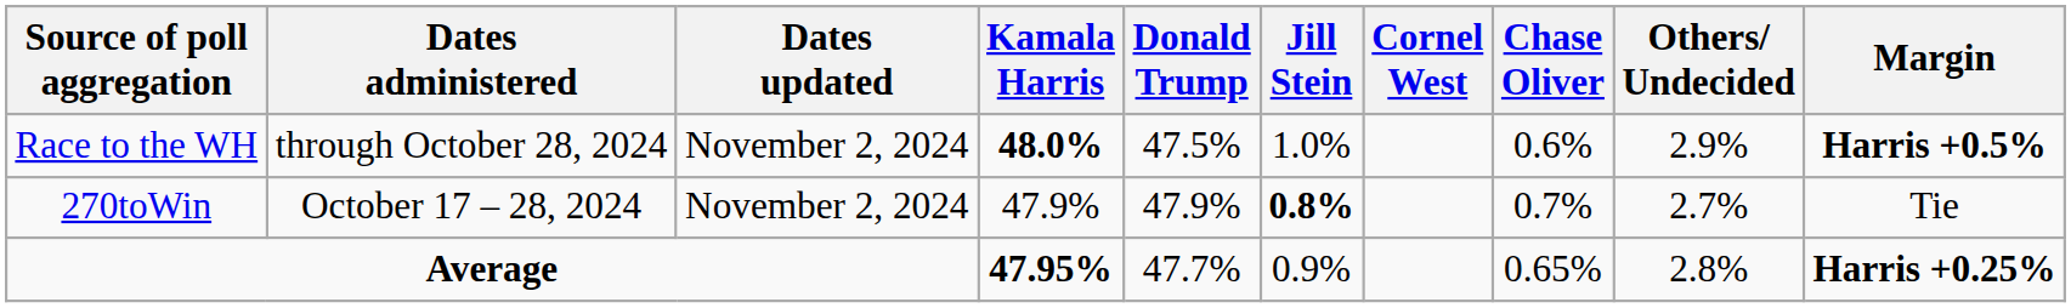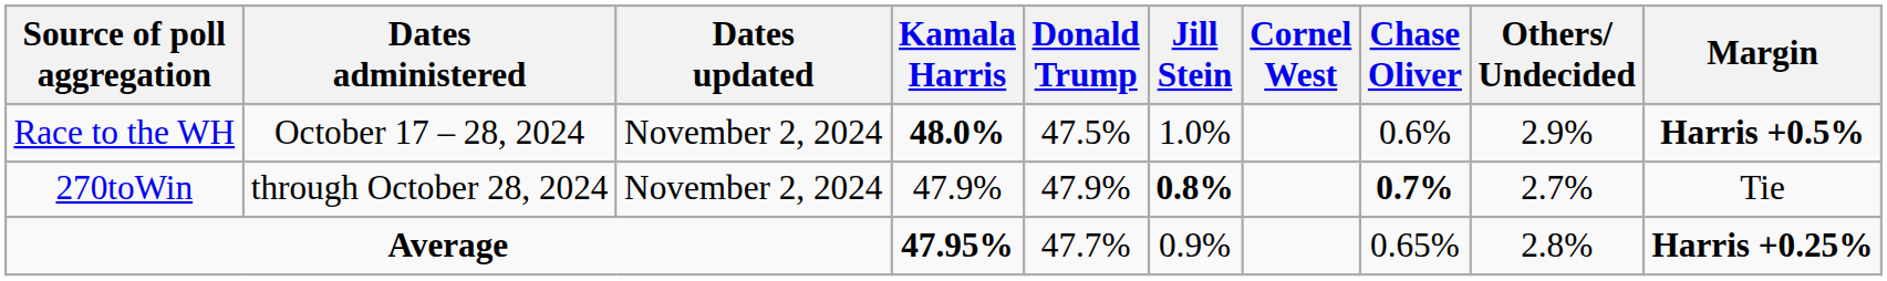 <table class="wikitable sortable mw-datatable" style="text-align:center;font-size:90%;line-height:17px">
 <tr>
 <th>Source of poll<br>aggregation</th>
 <th>Dates<br>administered</th>
 <th>Dates<br>updated</th>
 <th class="unsortable"><a href='#'>Kamala <br>Harris</a><br><small></small></th>
 <th class="unsortable"><a href='#'>Donald<br>Trump</a><br><small></small></th>
 <th class="unsortable"><a href='#'>Jill<br>Stein</a><br><small></small></th>
 <th class="unsortable"><a href='#'>Cornel<br>West</a><br><small></small></th>
 <th class="unsortable"><a href='#'>Chase<br>Oliver</a><br><small></small></th>
 <th class="unsortable">Others/<br>Undecided<br></th>
 <th>Margin</th>
 </tr>
 <tr>
 <td><a href='#'>Race to the WH</a></td>
-<td>through October 28, 2024</td>
+<td>October 17 – 28, 2024</td>
 <td>November 2, 2024</td>
 <td style="color:black;background-color:"><strong>48.0%</strong></td>
 <td>47.5%</td>
 <td>1.0%</td>
 <td></td>
 <td>0.6%</td>
 <td>2.9%</td>
 <td style="color:black;background-color:"><strong>Harris +0.5%</strong></td>
 </tr>
 <tr>
 <td><a href='#'>270toWin</a></td>
-<td>October 17 – 28, 2024</td>
+<td>through October 28, 2024</td>
 <td>November 2, 2024</td>
 <td>47.9%</td>
 <td>47.9%</td>
 <td><strong>0.8%</strong></td>
 <td></td>
-<td>0.7%</td>
+<td><strong>0.7%</strong></td>
 <td>2.7%</td>
 <td>Tie</td>
 </tr>
 <tr>
 <td colspan="3"><strong>Average</strong></td>
 <td style="color:black;background-color:"><strong>47.95%</strong></td>
 <td>47.7%</td>
 <td>0.9%</td>
 <td></td>
 <td>0.65%</td>
 <td>2.8%</td>
 <td style="color:black;background-color:"><strong>Harris +0.25%</strong></td>
 </tr>
 </table>
